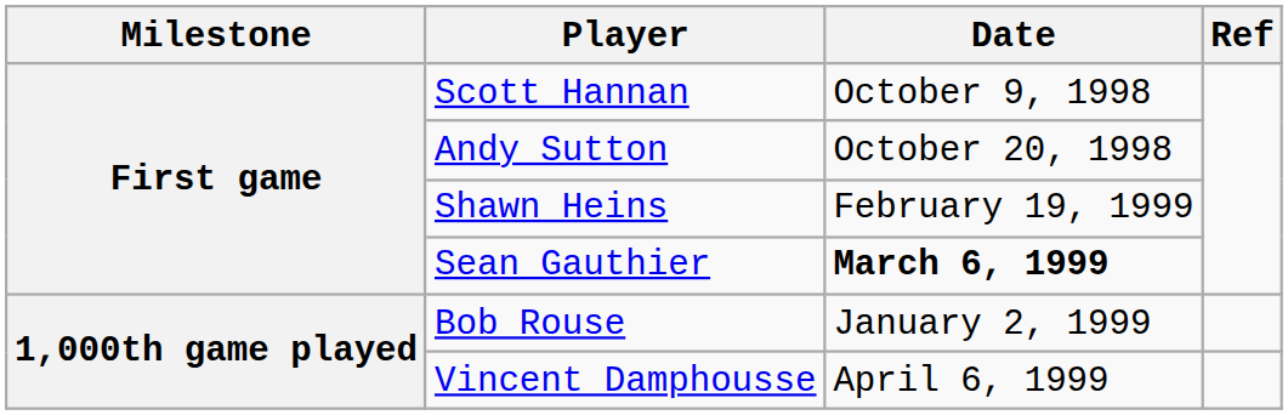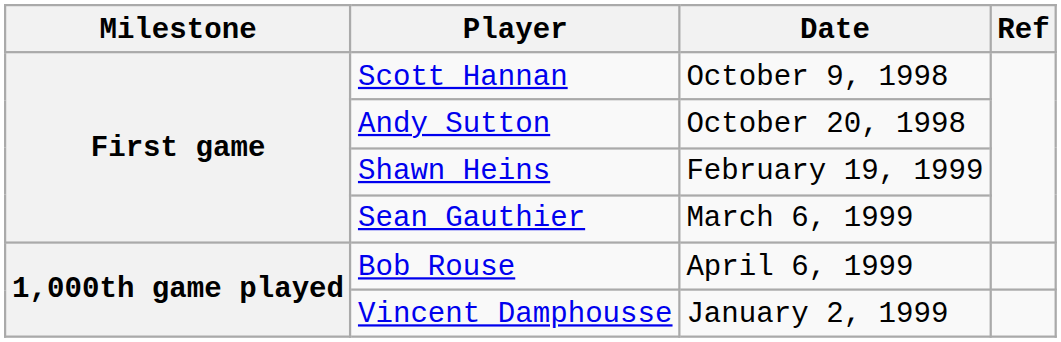 <table class="wikitable">
 <tr>
 <th scope="col">Milestone</th>
 <th scope="col">Player</th>
 <th scope="col">Date</th>
 <th scope="col">Ref</th>
 </tr>
 <tr>
 <th rowspan=4>First game</th>
 <td><a href='#'>Scott Hannan</a></td>
 <td>October 9, 1998</td>
 <td rowspan=4></td>
 </tr>
 <tr>
 <td><a href='#'>Andy Sutton</a></td>
 <td>October 20, 1998</td>
 </tr>
 <tr>
 <td><a href='#'>Shawn Heins</a></td>
 <td>February 19, 1999</td>
 </tr>
 <tr>
 <td><a href='#'>Sean Gauthier</a></td>
-<td><strong>March 6, 1999</strong></td>
+<td>March 6, 1999</td>
 </tr>
 <tr>
 <th rowspan="2">1,000th game played</th>
 <td><a href='#'>Bob Rouse</a></td>
-<td>January 2, 1999</td>
+<td>April 6, 1999</td>
 <td></td>
 </tr>
 <tr>
 <td><a href='#'>Vincent Damphousse</a></td>
-<td>April 6, 1999</td>
+<td>January 2, 1999</td>
 <td></td>
 </tr>
 </table>
